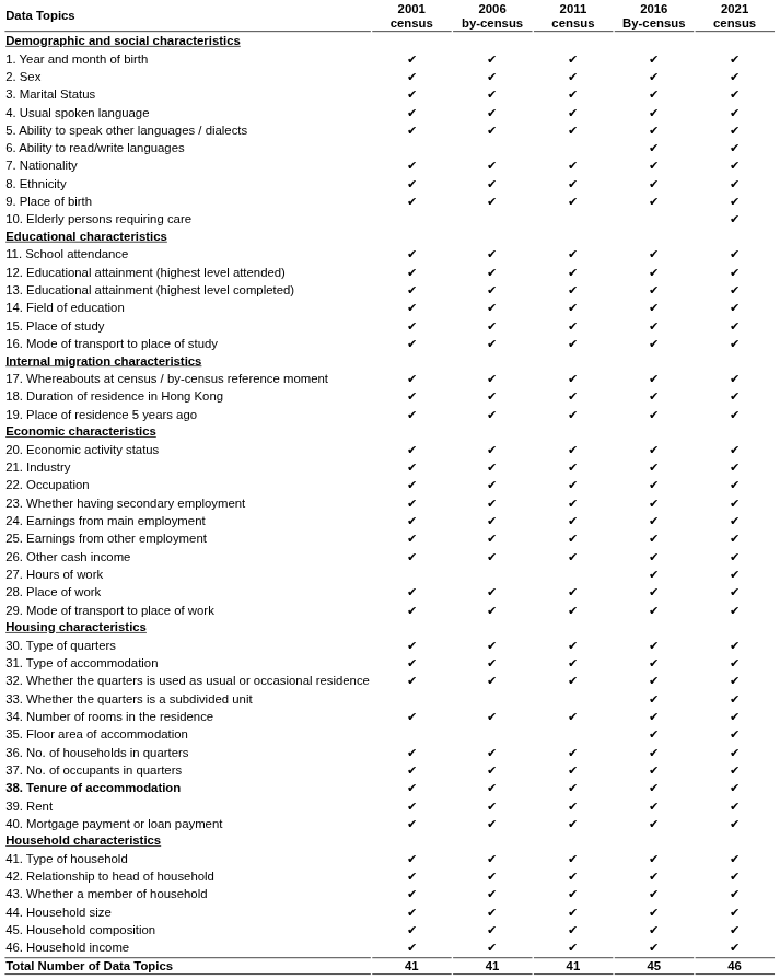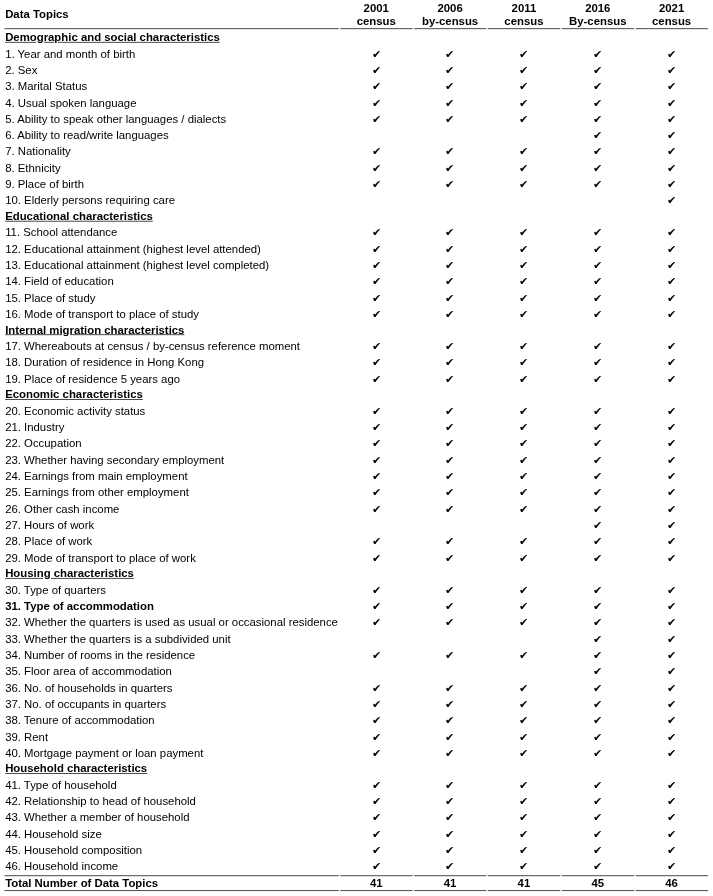 <table>
 <tr>
 <th style="border-bottom:1px solid" align="left">Data Topics</th>
 <th style="width: 100px;border-bottom:1px solid" align="center">2001<br>census</th>
 <th style="width: 100px;border-bottom:1px solid" align="center">2006<br>by-census</th>
 <th style="width: 100px;border-bottom:1px solid" align="center">2011<br>census</th>
 <th style="width: 100px;border-bottom:1px solid" align="center">2016<br>By-census</th>
 <th style="width: 100px;border-bottom:1px solid" align="center">2021<br>census</th>
 </tr>
 <tr>
 <th scope="col" style="text-decoration:underline;" align="left">Demographic and social characteristics</th>
 </tr>
 <tr>
 <td>1.  Year and month of birth</td>
 <td align="center">✔</td>
 <td align="center">✔</td>
 <td align="center">✔</td>
 <td align="center">✔</td>
 <td align="center">✔</td>
 </tr>
 <tr>
 <td>2.  Sex</td>
 <td align="center">✔</td>
 <td align="center">✔</td>
 <td align="center">✔</td>
 <td align="center">✔</td>
 <td align="center">✔</td>
 </tr>
 <tr>
 <td>3.  Marital Status</td>
 <td align="center">✔</td>
 <td align="center">✔</td>
 <td align="center">✔</td>
 <td align="center">✔</td>
 <td align="center">✔</td>
 </tr>
 <tr>
 <td>4.  Usual spoken language</td>
 <td align="center">✔</td>
 <td align="center">✔</td>
 <td align="center">✔</td>
 <td align="center">✔</td>
 <td align="center">✔</td>
 </tr>
 <tr>
 <td>5.  Ability to speak other languages / dialects</td>
 <td align="center">✔</td>
 <td align="center">✔</td>
 <td align="center">✔</td>
 <td align="center">✔</td>
 <td align="center">✔</td>
 </tr>
 <tr>
 <td>6.  Ability to read/write languages</td>
 <td align="center"></td>
 <td align="center"></td>
 <td align="center"></td>
 <td align="center">✔</td>
 <td align="center">✔</td>
 </tr>
 <tr>
 <td>7.  Nationality</td>
 <td align="center">✔</td>
 <td align="center">✔</td>
 <td align="center">✔</td>
 <td align="center">✔</td>
 <td align="center">✔</td>
 </tr>
 <tr>
 <td>8.  Ethnicity</td>
 <td align="center">✔</td>
 <td align="center">✔</td>
 <td align="center">✔</td>
 <td align="center">✔</td>
 <td align="center">✔</td>
 </tr>
 <tr>
 <td>9.  Place of birth</td>
 <td align="center">✔</td>
 <td align="center">✔</td>
 <td align="center">✔</td>
 <td align="center">✔</td>
 <td align="center">✔</td>
 </tr>
 <tr>
 <td>10. Elderly persons requiring care</td>
 <td align="center"></td>
 <td align="center"></td>
 <td align="center"></td>
 <td align="center"></td>
 <td align="center">✔</td>
 </tr>
 <tr>
 <th scope="col" style="text-decoration:underline;" align="left">Educational characteristics</th>
 </tr>
 <tr>
 <td>11. School attendance</td>
 <td align="center">✔</td>
 <td align="center">✔</td>
 <td align="center">✔</td>
 <td align="center">✔</td>
 <td align="center">✔</td>
 </tr>
 <tr>
 <td>12. Educational attainment (highest level attended)</td>
 <td align="center">✔</td>
 <td align="center">✔</td>
 <td align="center">✔</td>
 <td align="center">✔</td>
 <td align="center">✔</td>
 </tr>
 <tr>
 <td>13. Educational attainment (highest level completed)</td>
 <td align="center">✔</td>
 <td align="center">✔</td>
 <td align="center">✔</td>
 <td align="center">✔</td>
 <td align="center">✔</td>
 </tr>
 <tr>
 <td>14. Field of education</td>
 <td align="center">✔</td>
 <td align="center">✔</td>
 <td align="center">✔</td>
 <td align="center">✔</td>
 <td align="center">✔</td>
 </tr>
 <tr>
 <td>15. Place of study</td>
 <td align="center">✔</td>
 <td align="center">✔</td>
 <td align="center">✔</td>
 <td align="center">✔</td>
 <td align="center">✔</td>
 </tr>
 <tr>
 <td>16. Mode of transport to place of study</td>
 <td align="center">✔</td>
 <td align="center">✔</td>
 <td align="center">✔</td>
 <td align="center">✔</td>
 <td align="center">✔</td>
 </tr>
 <tr>
 <th scope="col" style="text-decoration:underline;" align="left">Internal migration characteristics</th>
 </tr>
 <tr>
 <td>17. Whereabouts at census / by-census reference moment</td>
 <td align="center">✔</td>
 <td align="center">✔</td>
 <td align="center">✔</td>
 <td align="center">✔</td>
 <td align="center">✔</td>
 </tr>
 <tr>
 <td>18. Duration of residence in Hong Kong</td>
 <td align="center">✔</td>
 <td align="center">✔</td>
 <td align="center">✔</td>
 <td align="center">✔</td>
 <td align="center">✔</td>
 </tr>
 <tr>
 <td>19. Place of residence 5 years ago</td>
 <td align="center">✔</td>
 <td align="center">✔</td>
 <td align="center">✔</td>
 <td align="center">✔</td>
 <td align="center">✔</td>
 </tr>
 <tr>
 <th scope="col" style="text-decoration:underline;" align="left">Economic characteristics</th>
 </tr>
 <tr>
 <td>20. Economic activity status</td>
 <td align="center">✔</td>
 <td align="center">✔</td>
 <td align="center">✔</td>
 <td align="center">✔</td>
 <td align="center">✔</td>
 </tr>
 <tr>
 <td>21. Industry</td>
 <td align="center">✔</td>
 <td align="center">✔</td>
 <td align="center">✔</td>
 <td align="center">✔</td>
 <td align="center">✔</td>
 </tr>
 <tr>
 <td>22. Occupation</td>
 <td align="center">✔</td>
 <td align="center">✔</td>
 <td align="center">✔</td>
 <td align="center">✔</td>
 <td align="center">✔</td>
 </tr>
 <tr>
 <td>23. Whether having secondary employment</td>
 <td align="center">✔</td>
 <td align="center">✔</td>
 <td align="center">✔</td>
 <td align="center">✔</td>
 <td align="center">✔</td>
 </tr>
 <tr>
 <td>24. Earnings from main employment</td>
 <td align="center">✔</td>
 <td align="center">✔</td>
 <td align="center">✔</td>
 <td align="center">✔</td>
 <td align="center">✔</td>
 </tr>
 <tr>
 <td>25. Earnings from other employment</td>
 <td align="center">✔</td>
 <td align="center">✔</td>
 <td align="center">✔</td>
 <td align="center">✔</td>
 <td align="center">✔</td>
 </tr>
 <tr>
 <td>26. Other cash income</td>
 <td align="center">✔</td>
 <td align="center">✔</td>
 <td align="center">✔</td>
 <td align="center">✔</td>
 <td align="center">✔</td>
 </tr>
 <tr>
 <td>27. Hours of work</td>
 <td align="center"></td>
 <td align="center"></td>
 <td align="center"></td>
 <td align="center">✔</td>
 <td align="center">✔</td>
 </tr>
 <tr>
 <td>28. Place of work</td>
 <td align="center">✔</td>
 <td align="center">✔</td>
 <td align="center">✔</td>
 <td align="center">✔</td>
 <td align="center">✔</td>
 </tr>
 <tr>
 <td>29. Mode of transport to place of work</td>
 <td align="center">✔</td>
 <td align="center">✔</td>
 <td align="center">✔</td>
 <td align="center">✔</td>
 <td align="center">✔</td>
 </tr>
 <tr>
 <th scope="col" style="text-decoration:underline;" align="left">Housing characteristics</th>
 </tr>
 <tr>
 <td>30. Type of quarters</td>
 <td align="center">✔</td>
 <td align="center">✔</td>
 <td align="center">✔</td>
 <td align="center">✔</td>
 <td align="center">✔</td>
 </tr>
 <tr>
-<td>31. Type of accommodation</td>
+<td><strong>31. Type of accommodation</strong></td>
 <td align="center">✔</td>
 <td align="center">✔</td>
 <td align="center">✔</td>
 <td align="center">✔</td>
 <td align="center">✔</td>
 </tr>
 <tr>
 <td>32. Whether the quarters is used as usual or occasional residence</td>
 <td align="center">✔</td>
 <td align="center">✔</td>
 <td align="center">✔</td>
 <td align="center">✔</td>
 <td align="center">✔</td>
 </tr>
 <tr>
 <td>33. Whether the quarters is a subdivided unit</td>
 <td align="center"></td>
 <td align="center"></td>
 <td align="center"></td>
 <td align="center">✔</td>
 <td align="center">✔</td>
 </tr>
 <tr>
 <td>34. Number of rooms in the residence</td>
 <td align="center">✔</td>
 <td align="center">✔</td>
 <td align="center">✔</td>
 <td align="center">✔</td>
 <td align="center">✔</td>
 </tr>
 <tr>
 <td>35. Floor area of accommodation</td>
 <td align="center"></td>
 <td align="center"></td>
 <td align="center"></td>
 <td align="center">✔</td>
 <td align="center">✔</td>
 </tr>
 <tr>
 <td>36. No. of households in quarters</td>
 <td align="center">✔</td>
 <td align="center">✔</td>
 <td align="center">✔</td>
 <td align="center">✔</td>
 <td align="center">✔</td>
 </tr>
 <tr>
 <td>37. No. of occupants in quarters</td>
 <td align="center">✔</td>
 <td align="center">✔</td>
 <td align="center">✔</td>
 <td align="center">✔</td>
 <td align="center">✔</td>
 </tr>
 <tr>
-<td><strong>38. Tenure of accommodation</strong></td>
+<td>38. Tenure of accommodation</td>
 <td align="center">✔</td>
 <td align="center">✔</td>
 <td align="center">✔</td>
 <td align="center">✔</td>
 <td align="center">✔</td>
 </tr>
 <tr>
 <td>39. Rent</td>
 <td align="center">✔</td>
 <td align="center">✔</td>
 <td align="center">✔</td>
 <td align="center">✔</td>
 <td align="center">✔</td>
 </tr>
 <tr>
 <td>40. Mortgage payment or loan payment</td>
 <td align="center">✔</td>
 <td align="center">✔</td>
 <td align="center">✔</td>
 <td align="center">✔</td>
 <td align="center">✔</td>
 </tr>
 <tr>
 <th scope="col" style="text-decoration:underline;" align="left">Household characteristics</th>
 </tr>
 <tr>
 <td>41. Type of household</td>
 <td align="center">✔</td>
 <td align="center">✔</td>
 <td align="center">✔</td>
 <td align="center">✔</td>
 <td align="center">✔</td>
 </tr>
 <tr>
 <td>42. Relationship to head of household</td>
 <td align="center">✔</td>
 <td align="center">✔</td>
 <td align="center">✔</td>
 <td align="center">✔</td>
 <td align="center">✔</td>
 </tr>
 <tr>
 <td>43. Whether a member of household</td>
 <td align="center">✔</td>
 <td align="center">✔</td>
 <td align="center">✔</td>
 <td align="center">✔</td>
 <td align="center">✔</td>
 </tr>
 <tr>
 <td>44. Household size</td>
 <td align="center">✔</td>
 <td align="center">✔</td>
 <td align="center">✔</td>
 <td align="center">✔</td>
 <td align="center">✔</td>
 </tr>
 <tr>
 <td>45. Household composition</td>
 <td align="center">✔</td>
 <td align="center">✔</td>
 <td align="center">✔</td>
 <td align="center">✔</td>
 <td align="center">✔</td>
 </tr>
 <tr>
 <td>46. Household income</td>
 <td align="center">✔</td>
 <td align="center">✔</td>
 <td align="center">✔</td>
 <td align="center">✔</td>
 <td align="center">✔</td>
 </tr>
 <tr>
 <th style="border-top:1px solid;border-bottom:1px solid" align="left">Total Number of Data Topics</th>
 <th style="border-top:1px solid;border-bottom:1px solid" align="center">41</th>
 <th style="border-top:1px solid;border-bottom:1px solid" align="center">41</th>
 <th style="border-top:1px solid;border-bottom:1px solid" align="center">41</th>
 <th style="border-top:1px solid;border-bottom:1px solid" align="center">45</th>
 <th style="border-top:1px solid;border-bottom:1px solid" align="center">46</th>
 </tr>
 </table>
